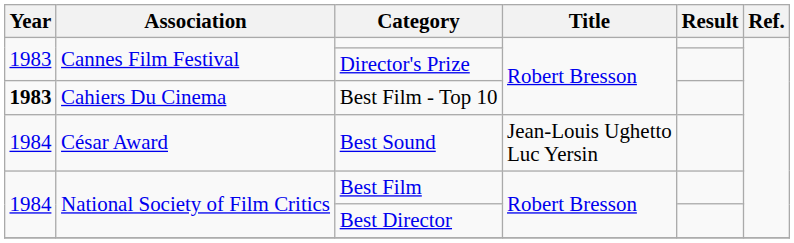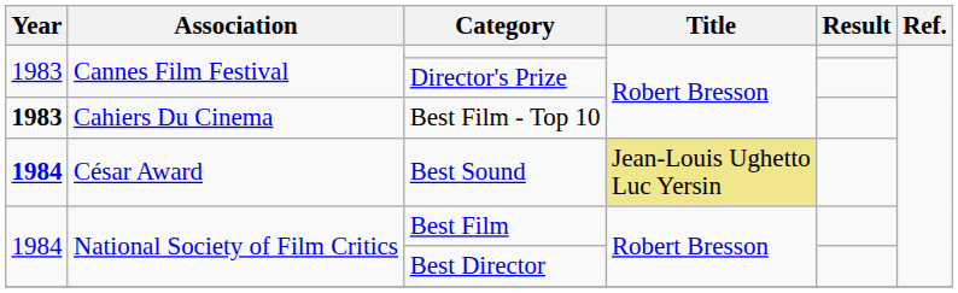 <table class="wikitable">
 <tr>
 <th>Year</th>
 <th>Association</th>
 <th>Category</th>
 <th>Title</th>
 <th>Result</th>
 <th>Ref.</th>
 </tr>
 <tr>
 <td rowspan=2><a href='#'>1983</a></td>
 <td rowspan=2><a href='#'>Cannes Film Festival</a></td>
 <td></td>
 <td rowspan=3><a href='#'>Robert Bresson</a></td>
 <td></td>
 <td rowspan=6></td>
 </tr>
 <tr>
 <td><a href='#'>Director's Prize</a></td>
 <td></td>
 </tr>
 <tr>
 <td><strong>1983</strong></td>
 <td><a href='#'>Cahiers Du Cinema</a></td>
 <td>Best Film - Top 10</td>
 <td></td>
 </tr>
 <tr>
-<td><a href='#'>1984</a></td>
+<td><strong><a href='#'>1984</a></strong></td>
 <td><a href='#'>César Award</a></td>
 <td><a href='#'>Best Sound</a></td>
-<td>Jean-Louis Ughetto <br> Luc Yersin</td>
+<td style="background: khaki;">Jean-Louis Ughetto <br> Luc Yersin</td>
 <td></td>
 </tr>
 <tr>
 <td rowspan=2><a href='#'>1984</a></td>
 <td rowspan=2><a href='#'>National Society of Film Critics</a></td>
 <td><a href='#'>Best Film</a></td>
 <td rowspan=2><a href='#'>Robert Bresson</a></td>
 <td></td>
 </tr>
 <tr>
 <td><a href='#'>Best Director</a></td>
 <td></td>
 </tr>
 <tr>
 </tr>
 </table>
